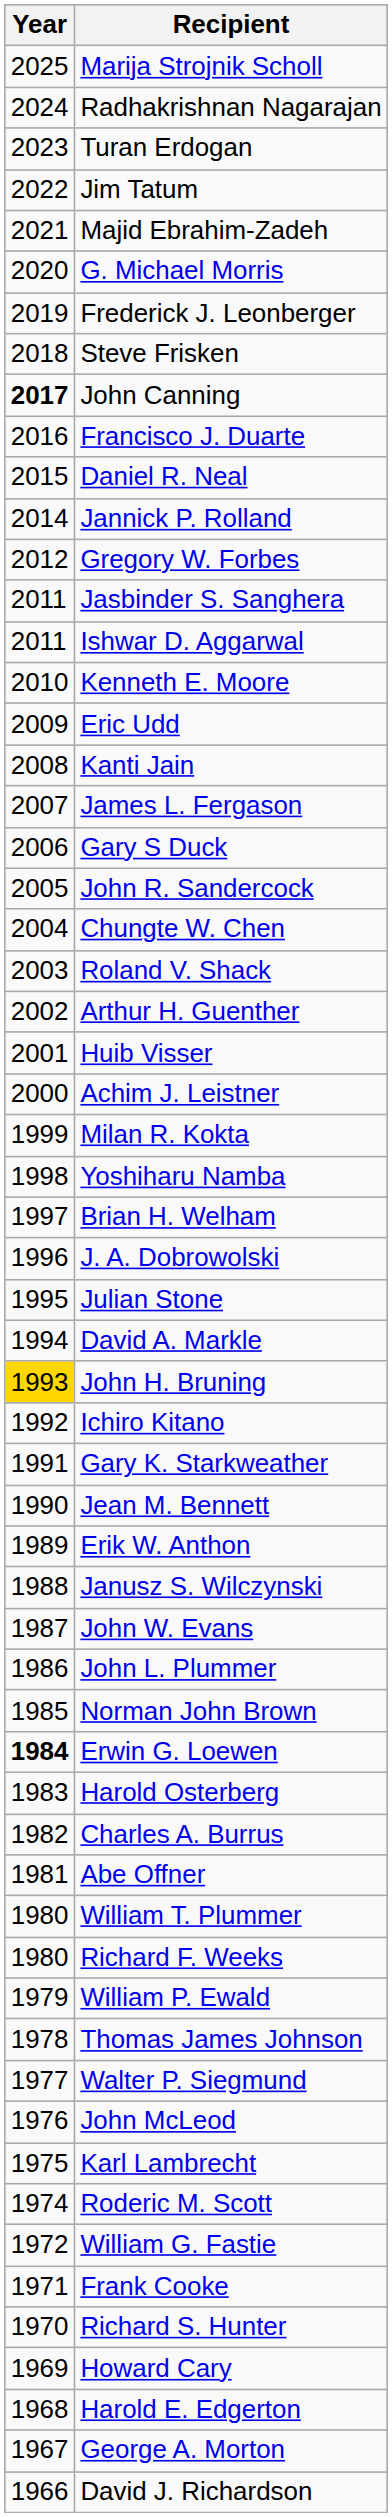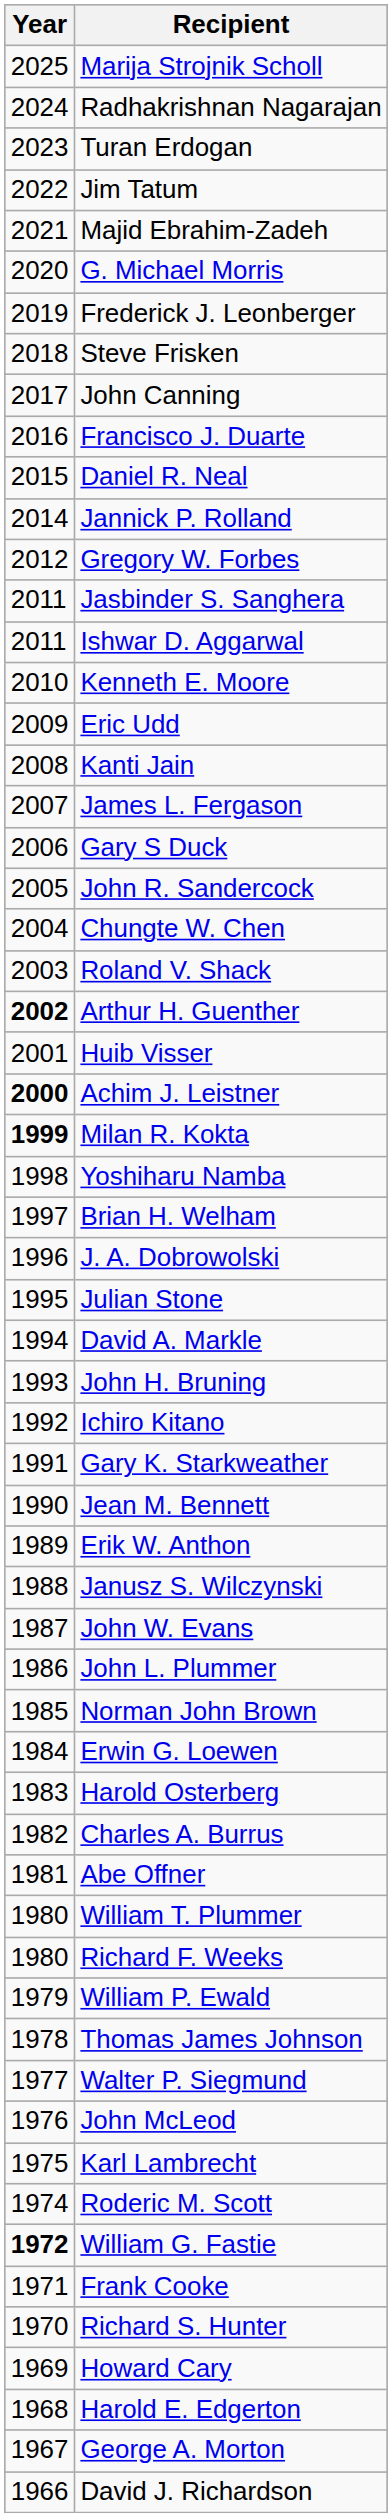 <table class="wikitable sortable" border="1">
 <tr>
 <th>Year</th>
 <th>Recipient</th>
 </tr>
 <tr>
 <td>2025</td>
 <td><a href='#'>Marija Strojnik Scholl</a></td>
 </tr>
 <tr>
 <td>2024</td>
 <td>Radhakrishnan Nagarajan</td>
 </tr>
 <tr>
 <td>2023</td>
 <td>Turan Erdogan</td>
 </tr>
 <tr>
 <td>2022</td>
 <td>Jim Tatum</td>
 </tr>
 <tr>
 <td>2021</td>
 <td>Majid Ebrahim-Zadeh</td>
 </tr>
 <tr>
 <td>2020</td>
 <td><a href='#'>G. Michael Morris</a></td>
 </tr>
 <tr>
 <td>2019</td>
 <td>Frederick J. Leonberger</td>
 </tr>
 <tr>
 <td>2018</td>
 <td>Steve Frisken</td>
 </tr>
 <tr>
-<td><strong>2017</strong></td>
+<td>2017</td>
 <td>John Canning</td>
 </tr>
 <tr>
 <td>2016</td>
 <td><a href='#'>Francisco J. Duarte</a></td>
 </tr>
 <tr>
 <td>2015</td>
 <td><a href='#'>Daniel R. Neal</a></td>
 </tr>
 <tr>
 <td>2014</td>
 <td><a href='#'>Jannick P. Rolland</a></td>
 </tr>
 <tr>
 <td>2012</td>
 <td><a href='#'>Gregory W. Forbes</a></td>
 </tr>
 <tr>
 <td>2011</td>
 <td><a href='#'>Jasbinder S. Sanghera</a></td>
 </tr>
 <tr>
 <td>2011</td>
 <td><a href='#'>Ishwar D. Aggarwal</a></td>
 </tr>
 <tr>
 <td>2010</td>
 <td><a href='#'>Kenneth E. Moore</a></td>
 </tr>
 <tr>
 <td>2009</td>
 <td><a href='#'>Eric Udd</a></td>
 </tr>
 <tr>
 <td>2008</td>
 <td><a href='#'>Kanti Jain</a></td>
 </tr>
 <tr>
 <td>2007</td>
 <td><a href='#'>James L. Fergason</a></td>
 </tr>
 <tr>
 <td>2006</td>
 <td><a href='#'>Gary S Duck</a></td>
 </tr>
 <tr>
 <td>2005</td>
 <td><a href='#'>John R. Sandercock</a></td>
 </tr>
 <tr>
 <td>2004</td>
 <td><a href='#'>Chungte W. Chen</a></td>
 </tr>
 <tr>
 <td>2003</td>
 <td><a href='#'>Roland V. Shack</a></td>
 </tr>
 <tr>
-<td>2002</td>
+<td><strong>2002</strong></td>
 <td><a href='#'>Arthur H. Guenther</a></td>
 </tr>
 <tr>
 <td>2001</td>
 <td><a href='#'>Huib Visser</a></td>
 </tr>
 <tr>
-<td>2000</td>
+<td><strong>2000</strong></td>
 <td><a href='#'>Achim J. Leistner</a></td>
 </tr>
 <tr>
-<td>1999</td>
+<td><strong>1999</strong></td>
 <td><a href='#'>Milan R. Kokta</a></td>
 </tr>
 <tr>
 <td>1998</td>
 <td><a href='#'>Yoshiharu Namba</a></td>
 </tr>
 <tr>
 <td>1997</td>
 <td><a href='#'>Brian H. Welham</a></td>
 </tr>
 <tr>
 <td>1996</td>
 <td><a href='#'>J. A. Dobrowolski</a></td>
 </tr>
 <tr>
 <td>1995</td>
 <td><a href='#'>Julian Stone</a></td>
 </tr>
 <tr>
 <td>1994</td>
 <td><a href='#'>David A. Markle</a></td>
 </tr>
 <tr>
-<td style="background: gold;">1993</td>
+<td>1993</td>
 <td><a href='#'>John H. Bruning</a></td>
 </tr>
 <tr>
 <td>1992</td>
 <td><a href='#'>Ichiro Kitano</a></td>
 </tr>
 <tr>
 <td>1991</td>
 <td><a href='#'>Gary K. Starkweather</a></td>
 </tr>
 <tr>
 <td>1990</td>
 <td><a href='#'>Jean M. Bennett</a></td>
 </tr>
 <tr>
 <td>1989</td>
 <td><a href='#'>Erik W. Anthon</a></td>
 </tr>
 <tr>
 <td>1988</td>
 <td><a href='#'>Janusz S. Wilczynski</a></td>
 </tr>
 <tr>
 <td>1987</td>
 <td><a href='#'>John W. Evans</a></td>
 </tr>
 <tr>
 <td>1986</td>
 <td><a href='#'>John L. Plummer</a></td>
 </tr>
 <tr>
 <td>1985</td>
 <td><a href='#'>Norman John Brown</a></td>
 </tr>
 <tr>
-<td><strong>1984</strong></td>
+<td>1984</td>
 <td><a href='#'>Erwin G. Loewen</a></td>
 </tr>
 <tr>
 <td>1983</td>
 <td><a href='#'>Harold Osterberg</a></td>
 </tr>
 <tr>
 <td>1982</td>
 <td><a href='#'>Charles A. Burrus</a></td>
 </tr>
 <tr>
 <td>1981</td>
 <td><a href='#'>Abe Offner</a></td>
 </tr>
 <tr>
 <td>1980</td>
 <td><a href='#'>William T. Plummer</a></td>
 </tr>
 <tr>
 <td>1980</td>
 <td><a href='#'>Richard F. Weeks</a></td>
 </tr>
 <tr>
 <td>1979</td>
 <td><a href='#'>William P. Ewald</a></td>
 </tr>
 <tr>
 <td>1978</td>
 <td><a href='#'>Thomas James Johnson</a></td>
 </tr>
 <tr>
 <td>1977</td>
 <td><a href='#'>Walter P. Siegmund</a></td>
 </tr>
 <tr>
 <td>1976</td>
 <td><a href='#'>John McLeod</a></td>
 </tr>
 <tr>
 <td>1975</td>
 <td><a href='#'>Karl Lambrecht</a></td>
 </tr>
 <tr>
 <td>1974</td>
 <td><a href='#'>Roderic M. Scott</a></td>
 </tr>
 <tr>
-<td>1972</td>
+<td><strong>1972</strong></td>
 <td><a href='#'>William G. Fastie</a></td>
 </tr>
 <tr>
 <td>1971</td>
 <td><a href='#'>Frank Cooke</a></td>
 </tr>
 <tr>
 <td>1970</td>
 <td><a href='#'>Richard S. Hunter</a></td>
 </tr>
 <tr>
 <td>1969</td>
 <td><a href='#'>Howard Cary</a></td>
 </tr>
 <tr>
 <td>1968</td>
 <td><a href='#'>Harold E. Edgerton</a></td>
 </tr>
 <tr>
 <td>1967</td>
 <td><a href='#'>George A. Morton</a></td>
 </tr>
 <tr>
 <td>1966</td>
 <td>David J. Richardson</td>
 </tr>
 </table>
